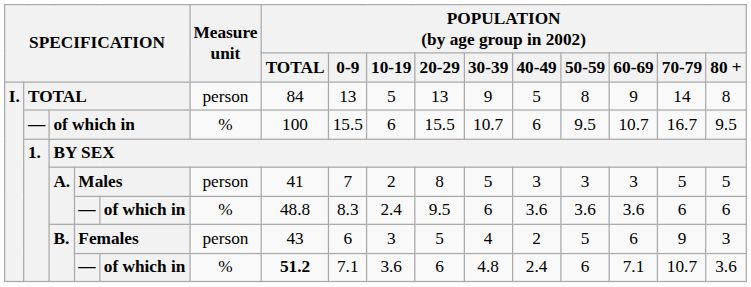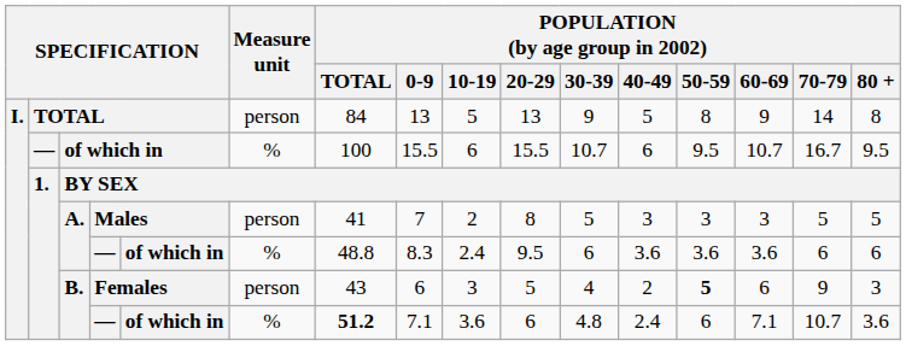 <table class="wikitable" style="font-size:85%; text-align:center">
 <tr>
 <th rowspan="2" colspan="5">SPECIFICATION</th>
 <th rowspan="2">Measure<br> unit</th>
 <th colspan="10" rowspan="1">POPULATION<br> (by age group in 2002)</th>
 </tr>
 <tr>
 <th>TOTAL</th>
 <th>0-9</th>
 <th>10-19</th>
 <th>20-29</th>
 <th>30-39</th>
 <th>40-49</th>
 <th>50-59</th>
 <th>60-69</th>
 <th>70-79</th>
 <th>80 +</th>
 </tr>
 <tr>
 <th style="text-align:left" valign="top" rowspan="7">I.</th>
 <th style="text-align:left" colspan="4">TOTAL</th>
 <td>person</td>
 <td>84</td>
 <td>13</td>
 <td>5</td>
 <td>13</td>
 <td>9</td>
 <td>5</td>
 <td>8</td>
 <td>9</td>
 <td>14</td>
 <td>8</td>
 </tr>
 <tr>
 <th style="text-align:left" valign="top">—</th>
 <th style="text-align:left" colspan="3">of which in</th>
 <td>%</td>
 <td>100</td>
 <td>15.5</td>
 <td>6</td>
 <td>15.5</td>
 <td>10.7</td>
 <td>6</td>
 <td>9.5</td>
 <td>10.7</td>
 <td>16.7</td>
 <td>9.5</td>
 </tr>
 <tr>
 <th style="text-align:left" valign="top" rowspan="5">1.</th>
 <th style="text-align:left" colspan="14">BY SEX</th>
 </tr>
 <tr>
 <th style="text-align:left" valign="top" rowspan="2">A.</th>
 <th style="text-align:left" colspan="2">Males</th>
 <td>person</td>
 <td>41</td>
 <td>7</td>
 <td>2</td>
 <td>8</td>
 <td>5</td>
 <td>3</td>
 <td>3</td>
 <td>3</td>
 <td>5</td>
 <td>5</td>
 </tr>
 <tr>
 <th style="text-align:left" valign="top">—</th>
 <th style="text-align:left" colspan="1">of which in</th>
 <td>%</td>
 <td>48.8</td>
 <td>8.3</td>
 <td>2.4</td>
 <td>9.5</td>
 <td>6</td>
 <td>3.6</td>
 <td>3.6</td>
 <td>3.6</td>
 <td>6</td>
 <td>6</td>
 </tr>
 <tr>
 <th style="text-align:left" valign="top" rowspan="2">B.</th>
 <th style="text-align:left" colspan="2">Females</th>
 <td>person</td>
 <td>43</td>
 <td>6</td>
 <td>3</td>
 <td>5</td>
 <td>4</td>
 <td>2</td>
-<td>5</td>
+<td><strong>5</strong></td>
 <td>6</td>
 <td>9</td>
 <td>3</td>
 </tr>
 <tr>
 <th style="text-align:left" valign="top">—</th>
 <th style="text-align:left" colspan="1">of which in</th>
 <td>%</td>
 <td><strong>51.2</strong></td>
 <td>7.1</td>
 <td>3.6</td>
 <td>6</td>
 <td>4.8</td>
 <td>2.4</td>
 <td>6</td>
 <td>7.1</td>
 <td>10.7</td>
 <td>3.6</td>
 </tr>
 </table>
